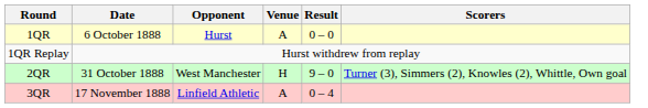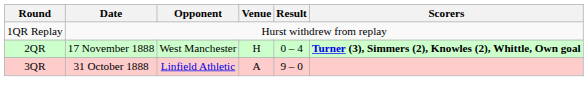 <table class="wikitable" style="font-size:100%; text-align:center">
 <tr>
 <th>Round</th>
 <th>Date</th>
 <th>Opponent</th>
 <th>Venue</th>
 <th>Result</th>
 <th>Scorers</th>
 </tr>
-<tr style="background-color: #FFFFCC;">
-<td>1QR</td>
-<td>6 October 1888</td>
-<td><a href='#'>Hurst</a></td>
-<td>A</td>
-<td>0 – 0</td>
-<td></td>
-</tr>
 <tr style="background-color:">
 <td>1QR Replay</td>
 <td colspan="5">Hurst withdrew from replay</td>
 </tr>
 <tr style="background-color: #CCFFCC;">
 <td>2QR</td>
-<td>31 October 1888</td>
+<td>17 November 1888</td>
 <td>West Manchester</td>
 <td>H</td>
-<td>9 – 0</td>
-<td><a href='#'>Turner</a> (3), Simmers (2), Knowles (2), Whittle, Own goal</td>
+<td>0 – 4</td>
+<td><strong><a href='#'>Turner</a> (3), Simmers (2), Knowles (2), Whittle, Own goal</strong></td>
 </tr>
 <tr style="background-color: #FFCCCC;">
 <td>3QR</td>
-<td>17 November 1888</td>
+<td>31 October 1888</td>
 <td><a href='#'>Linfield Athletic</a></td>
 <td>A</td>
-<td>0 – 4</td>
+<td>9 – 0</td>
 <td></td>
 </tr>
 </table>
